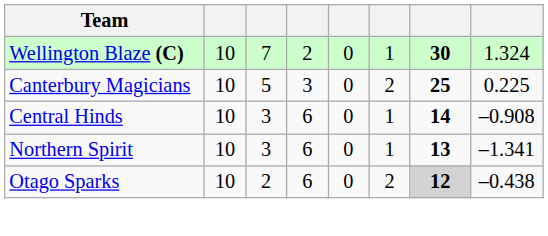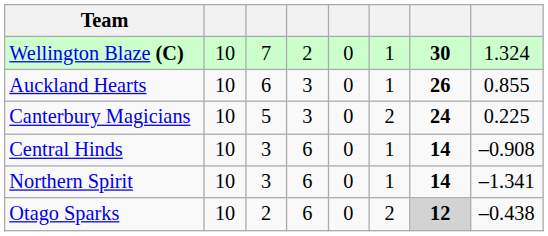 <table class="wikitable" style="text-align:center">
 <tr>
 <th width="150">Team</th>
 <th width="25"></th>
 <th width="25"></th>
 <th width="25"></th>
 <th width="25"></th>
 <th width="25"></th>
 <th width="40"></th>
 <th width="50"></th>
 </tr>
 <tr style="background:#cfc">
 <td style="text-align:left"><a href='#'>Wellington Blaze</a> <strong>(C)</strong></td>
 <td>10</td>
 <td>7</td>
 <td>2</td>
 <td>0</td>
 <td>1</td>
 <td><strong>30</strong></td>
 <td>1.324</td>
 </tr>
 <tr>
+<td style="text-align:left"><a href='#'>Auckland Hearts</a></td>
+<td>10</td>
+<td>6</td>
+<td>3</td>
+<td>0</td>
+<td>1</td>
+<td><strong>26</strong></td>
+<td>0.855</td>
+</tr>
+<tr>
 <td style="text-align:left"><a href='#'>Canterbury Magicians</a></td>
 <td>10</td>
 <td>5</td>
 <td>3</td>
 <td>0</td>
 <td>2</td>
-<td><strong>25</strong></td>
+<td><strong>24</strong></td>
 <td>0.225</td>
 </tr>
 <tr>
 <td style="text-align:left"><a href='#'>Central Hinds</a></td>
 <td>10</td>
 <td>3</td>
 <td>6</td>
 <td>0</td>
 <td>1</td>
 <td><strong>14</strong></td>
 <td>–0.908</td>
 </tr>
 <tr>
 <td style="text-align:left"><a href='#'>Northern Spirit</a></td>
 <td>10</td>
 <td>3</td>
 <td>6</td>
 <td>0</td>
 <td>1</td>
-<td><strong>13</strong></td>
+<td><strong>14</strong></td>
 <td>–1.341</td>
 </tr>
 <tr>
 <td style="text-align:left"><a href='#'>Otago Sparks</a></td>
 <td>10</td>
 <td>2</td>
 <td>6</td>
 <td>0</td>
 <td>2</td>
 <td style="background: lightgrey;"><strong>12</strong></td>
 <td>–0.438</td>
 </tr>
 </table>
